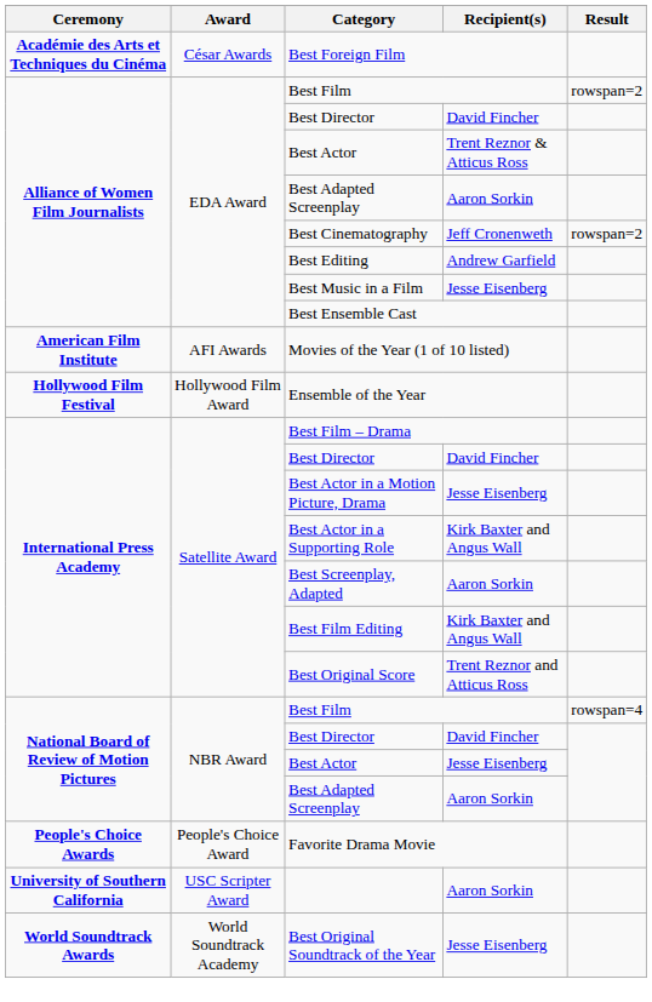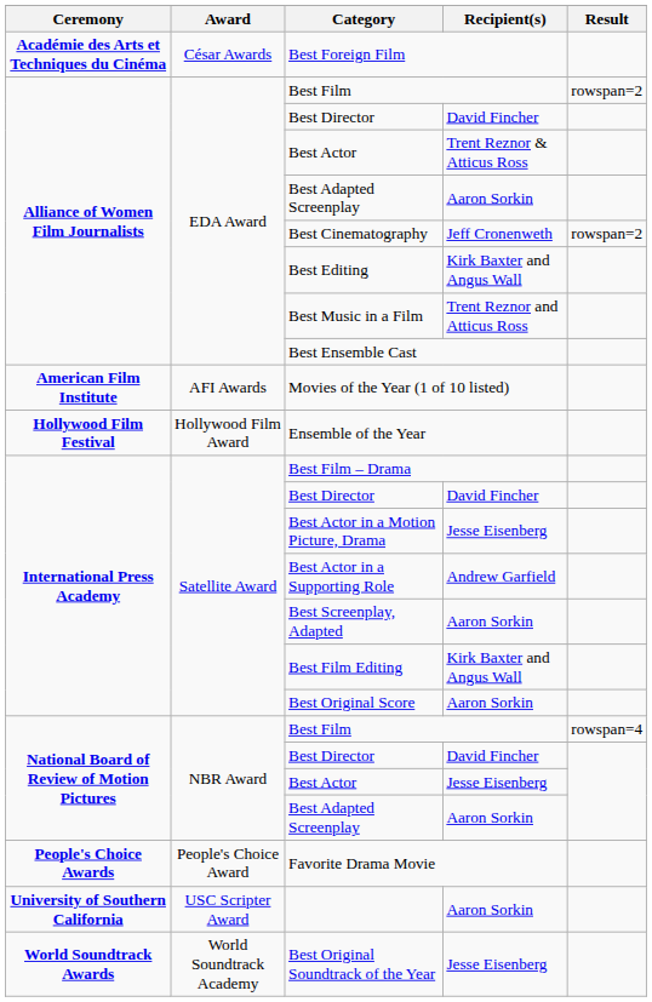 <table class="wikitable sortable" style="font-size:95%;">
 <tr>
 </tr>
 <tr>
 <th>Ceremony</th>
 <th>Award</th>
 <th>Category</th>
 <th>Recipient(s)</th>
 <th>Result</th>
 </tr>
 <tr>
 <td style="text-align:center;"><strong><a href='#'>Académie des Arts et Techniques du Cinéma</a></strong></td>
 <td style="text-align:center;"><a href='#'>César Awards</a></td>
 <td colspan=2><a href='#'>Best Foreign Film</a></td>
 <td></td>
 </tr>
 <tr>
 <td rowspan="8" style="text-align:center;"><strong><a href='#'>Alliance of Women Film Journalists</a></strong></td>
 <td rowspan="8" style="text-align:center;">EDA Award</td>
 <td colspan=2>Best Film</td>
 <td>rowspan=2 </td>
 </tr>
 <tr>
 <td>Best Director</td>
 <td><a href='#'>David Fincher</a></td>
 </tr>
 <tr>
 <td>Best Actor</td>
 <td><a href='#'>Trent Reznor</a> & <a href='#'>Atticus Ross</a></td>
 <td></td>
 </tr>
 <tr>
 <td>Best Adapted Screenplay</td>
 <td><a href='#'>Aaron Sorkin</a></td>
 <td></td>
 </tr>
 <tr>
 <td>Best Cinematography</td>
 <td><a href='#'>Jeff Cronenweth</a></td>
 <td>rowspan=2 </td>
 </tr>
 <tr>
 <td>Best Editing</td>
-<td><a href='#'>Andrew Garfield</a></td>
+<td><a href='#'>Kirk Baxter</a> and <a href='#'>Angus Wall</a></td>
 </tr>
 <tr>
 <td>Best Music in a Film</td>
-<td><a href='#'>Jesse Eisenberg</a></td>
+<td><a href='#'>Trent Reznor</a> and <a href='#'>Atticus Ross</a></td>
 <td></td>
 </tr>
 <tr>
 <td colspan=2>Best Ensemble Cast</td>
 <td></td>
 </tr>
 <tr>
 <td style="text-align:center;"><strong><a href='#'>American Film Institute</a></strong> </td>
 <td style="text-align:center;">AFI Awards</td>
 <td colspan=2>Movies of the Year (1 of 10 listed)</td>
 <td></td>
 </tr>
 <tr>
 <td style="text-align:center;"><strong><a href='#'>Hollywood Film Festival</a></strong></td>
 <td style="text-align:center;">Hollywood Film Award</td>
 <td colspan=2>Ensemble of the Year</td>
 <td></td>
 </tr>
 <tr>
 <td rowspan="7" style="text-align:center;"><strong><a href='#'>International Press Academy</a></strong></td>
 <td rowspan="7" style="text-align:center;"><a href='#'>Satellite Award</a></td>
 <td colspan=2><a href='#'>Best Film – Drama</a></td>
 <td></td>
 </tr>
 <tr>
 <td><a href='#'>Best Director</a></td>
 <td><a href='#'>David Fincher</a></td>
 <td></td>
 </tr>
 <tr>
 <td><a href='#'>Best Actor in a Motion Picture, Drama</a></td>
 <td><a href='#'>Jesse Eisenberg</a></td>
 <td></td>
 </tr>
 <tr>
 <td><a href='#'>Best Actor in a Supporting Role</a></td>
-<td><a href='#'>Kirk Baxter</a> and <a href='#'>Angus Wall</a></td>
+<td><a href='#'>Andrew Garfield</a></td>
 <td></td>
 </tr>
 <tr>
 <td><a href='#'>Best Screenplay, Adapted</a></td>
 <td><a href='#'>Aaron Sorkin</a></td>
 <td></td>
 </tr>
 <tr>
 <td><a href='#'>Best Film Editing</a></td>
 <td><a href='#'>Kirk Baxter</a> and <a href='#'>Angus Wall</a></td>
 <td></td>
 </tr>
 <tr>
 <td><a href='#'>Best Original Score</a></td>
-<td><a href='#'>Trent Reznor</a> and <a href='#'>Atticus Ross</a></td>
+<td><a href='#'>Aaron Sorkin</a></td>
 <td></td>
 </tr>
 <tr>
 <td rowspan="4" style="text-align:center;"><strong><a href='#'>National Board of Review of Motion Pictures</a></strong></td>
 <td rowspan="4" style="text-align:center;">NBR Award</td>
 <td colspan=2><a href='#'>Best Film</a></td>
 <td>rowspan=4 </td>
 </tr>
 <tr>
 <td><a href='#'>Best Director</a></td>
 <td><a href='#'>David Fincher</a></td>
 </tr>
 <tr>
 <td><a href='#'>Best Actor</a></td>
 <td><a href='#'>Jesse Eisenberg</a></td>
 </tr>
 <tr>
 <td><a href='#'>Best Adapted Screenplay</a></td>
 <td><a href='#'>Aaron Sorkin</a></td>
 </tr>
 <tr>
 <td style="text-align:center;"><strong><a href='#'>People's Choice Awards</a></strong></td>
 <td style="text-align:center;">People's Choice Award</td>
 <td colspan=2>Favorite Drama Movie</td>
 <td></td>
 </tr>
 <tr>
 <td style="text-align:center;"><strong><a href='#'>University of Southern California</a></strong></td>
 <td style="text-align:center;"><a href='#'>USC Scripter Award</a></td>
 <td></td>
 <td><a href='#'>Aaron Sorkin</a></td>
 <td></td>
 </tr>
 <tr>
 <td style="text-align:center;"><strong><a href='#'>World Soundtrack Awards</a></strong></td>
 <td style="text-align:center;">World Soundtrack Academy</td>
 <td><a href='#'>Best Original Soundtrack of the Year</a></td>
 <td><a href='#'>Jesse Eisenberg</a></td>
 <td></td>
 </tr>
 </table>
